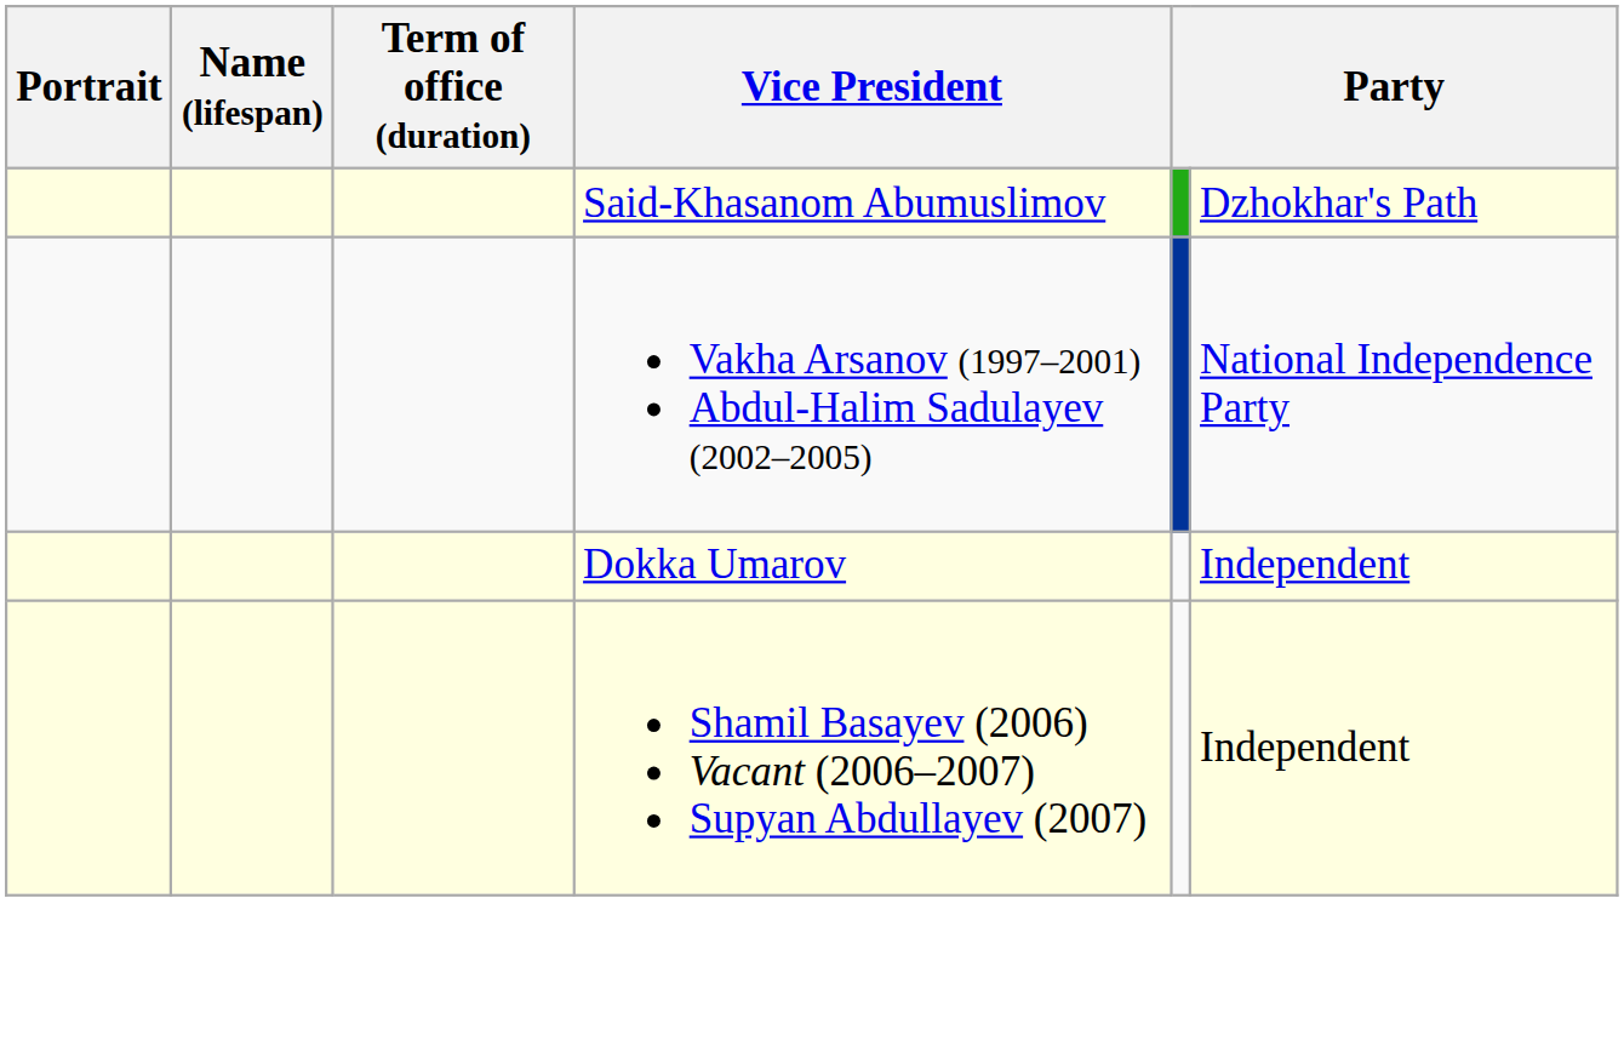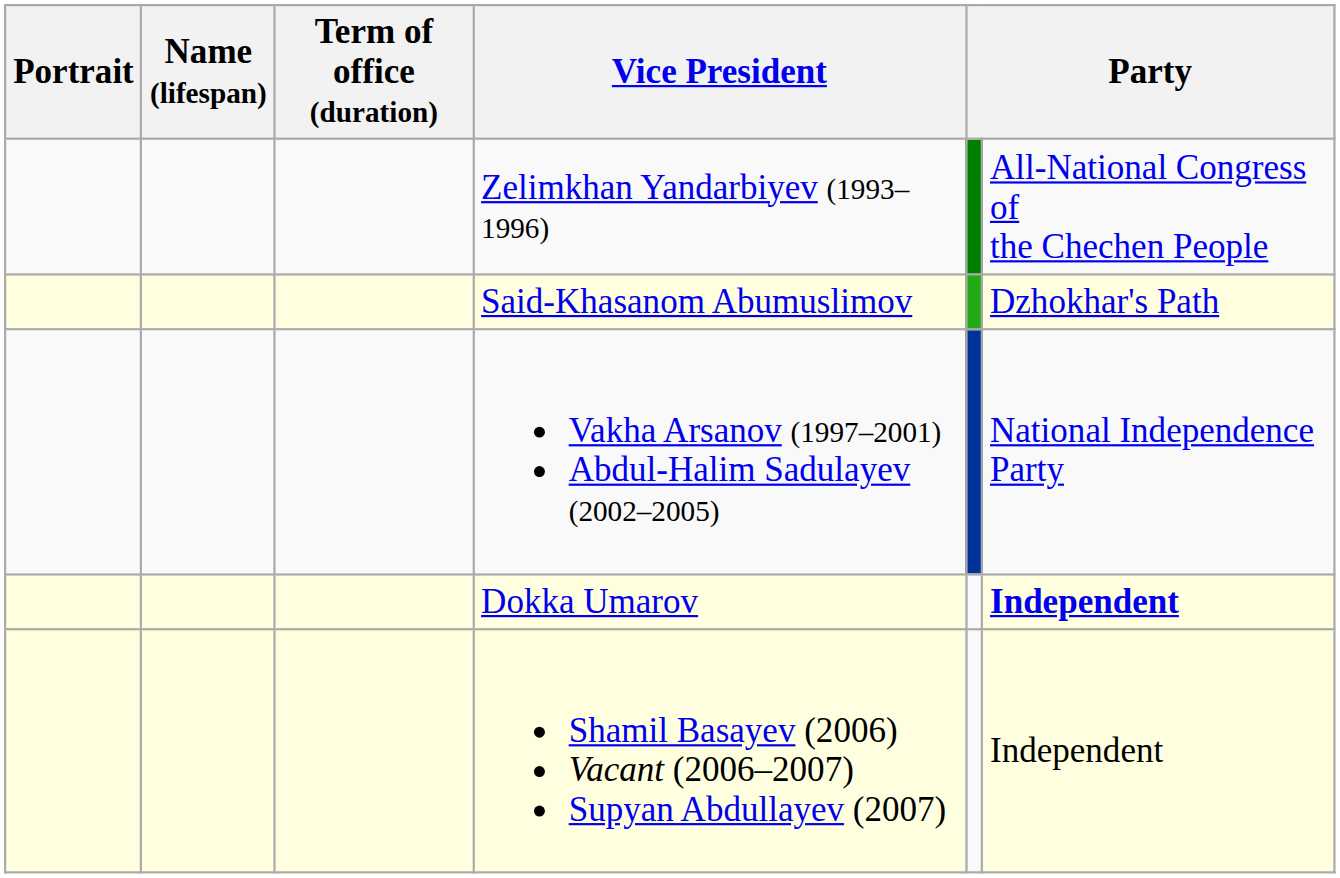 <table class="wikitable">
 <tr>
 <th>Portrait</th>
 <th>Name<br><small>(lifespan)</small></th>
 <th>Term of office<br><small>(duration)</small></th>
 <th><a href='#'>Vice President</a></th>
 <th colspan=2>Party</th>
+</tr>
+<tr>
+<td></td>
+<td></td>
+<td></td>
+<td><a href='#'>Zelimkhan Yandarbiyev</a> <small>(1993–1996)</small></td>
+<td style="background-color:#008000"></td>
+<td><a href='#'>All-National Congress of<br>the Chechen People</a></td>
 </tr>
 <tr>
 <td style="background:#FFFFE0"></td>
 <td style="background:#FFFFE0"></td>
 <td style="background:#FFFFE0"></td>
 <td style="background:#FFFFE0"><a href='#'>Said-Khasanom Abumuslimov</a></td>
 <td style="background-color:#21ab15"></td>
 <td style="background:#FFFFE0"><a href='#'>Dzhokhar's Path</a></td>
 </tr>
 <tr>
 <td></td>
 <td></td>
 <td></td>
 <td><br><ul><li><a href='#'>Vakha Arsanov</a> <small>(1997–2001)</small></li><li><a href='#'>Abdul-Halim Sadulayev</a> <small>(2002–2005)</small></li></ul></td>
 <td style="background-color:#003399"></td>
 <td><a href='#'>National Independence Party</a></td>
 </tr>
 <tr>
 <td style="background:#FFFFE0"></td>
 <td style="background:#FFFFE0"></td>
 <td style="background:#FFFFE0"></td>
 <td style="background:#FFFFE0"><a href='#'>Dokka Umarov</a></td>
 <td style="background-color:"></td>
-<td style="background:#FFFFE0"><a href='#'>Independent</a></td>
+<td style="background:#FFFFE0"><strong><a href='#'>Independent</a></strong></td>
 </tr>
 <tr>
 <td style="background:#FFFFE0"></td>
 <td style="background:#FFFFE0"></td>
 <td style="background:#FFFFE0"></td>
 <td style="background:#FFFFE0"><br><ul><li><a href='#'>Shamil Basayev</a> (2006)</li><li><em>Vacant</em> (2006–2007)</li><li><a href='#'>Supyan Abdullayev</a> (2007)</li></ul></td>
 <td style="background-color:"></td>
 <td style="background:#FFFFE0">Independent</td>
 </tr>
 </table>
